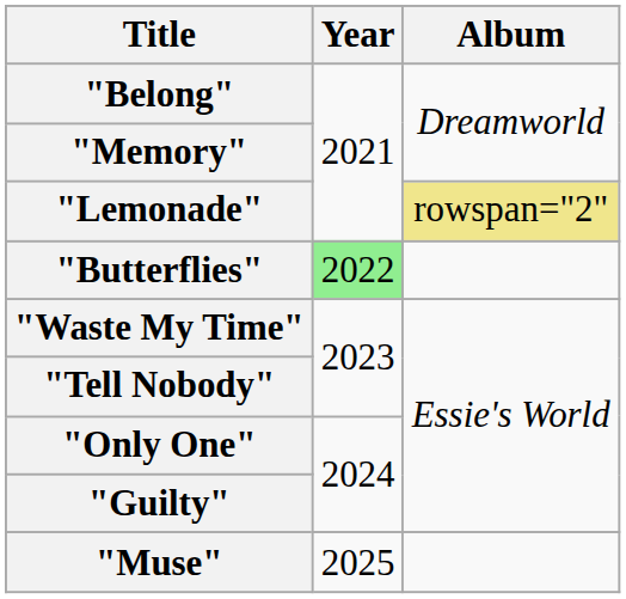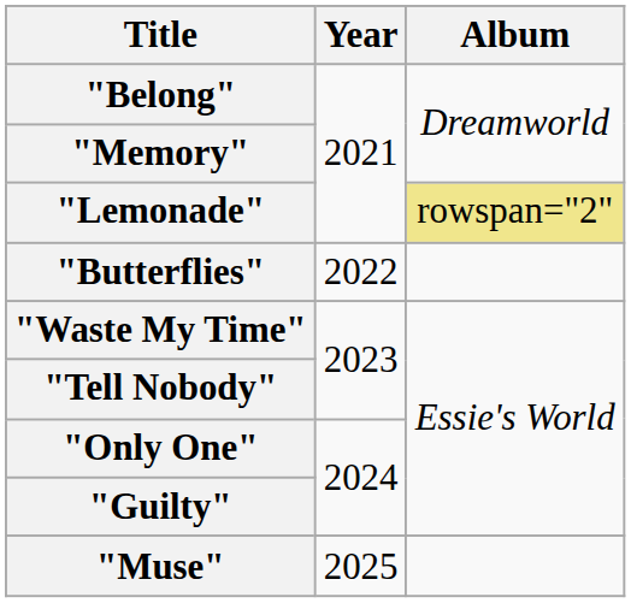 <table class="wikitable plainrowheaders" style="text-align:center;">
 <tr>
 <th scope="col">Title</th>
 <th scope="col">Year</th>
 <th scope="col">Album</th>
 </tr>
 <tr>
 <th scope="row">"Belong"</th>
 <td rowspan="3">2021</td>
 <td rowspan="2"><em>Dreamworld</em></td>
 </tr>
 <tr>
 <th scope="row">"Memory"</th>
 </tr>
 <tr>
 <th scope="row">"Lemonade"</th>
 <td style="background: khaki;">rowspan="2" </td>
 </tr>
 <tr>
 <th scope="row">"Butterflies"</th>
-<td style="background: lightgreen;">2022</td>
+<td>2022</td>
 </tr>
 <tr>
 <th scope="row">"Waste My Time"</th>
 <td rowspan="2">2023</td>
 <td rowspan="4"><em>Essie's World</em></td>
 </tr>
 <tr>
 <th scope="row">"Tell Nobody"</th>
 </tr>
 <tr>
 <th scope="row">"Only One"</th>
 <td rowspan="2">2024</td>
 </tr>
 <tr>
 <th scope="row">"Guilty"</th>
 </tr>
 <tr>
 <th scope="row">"Muse"</th>
 <td>2025</td>
 </tr>
 </table>
